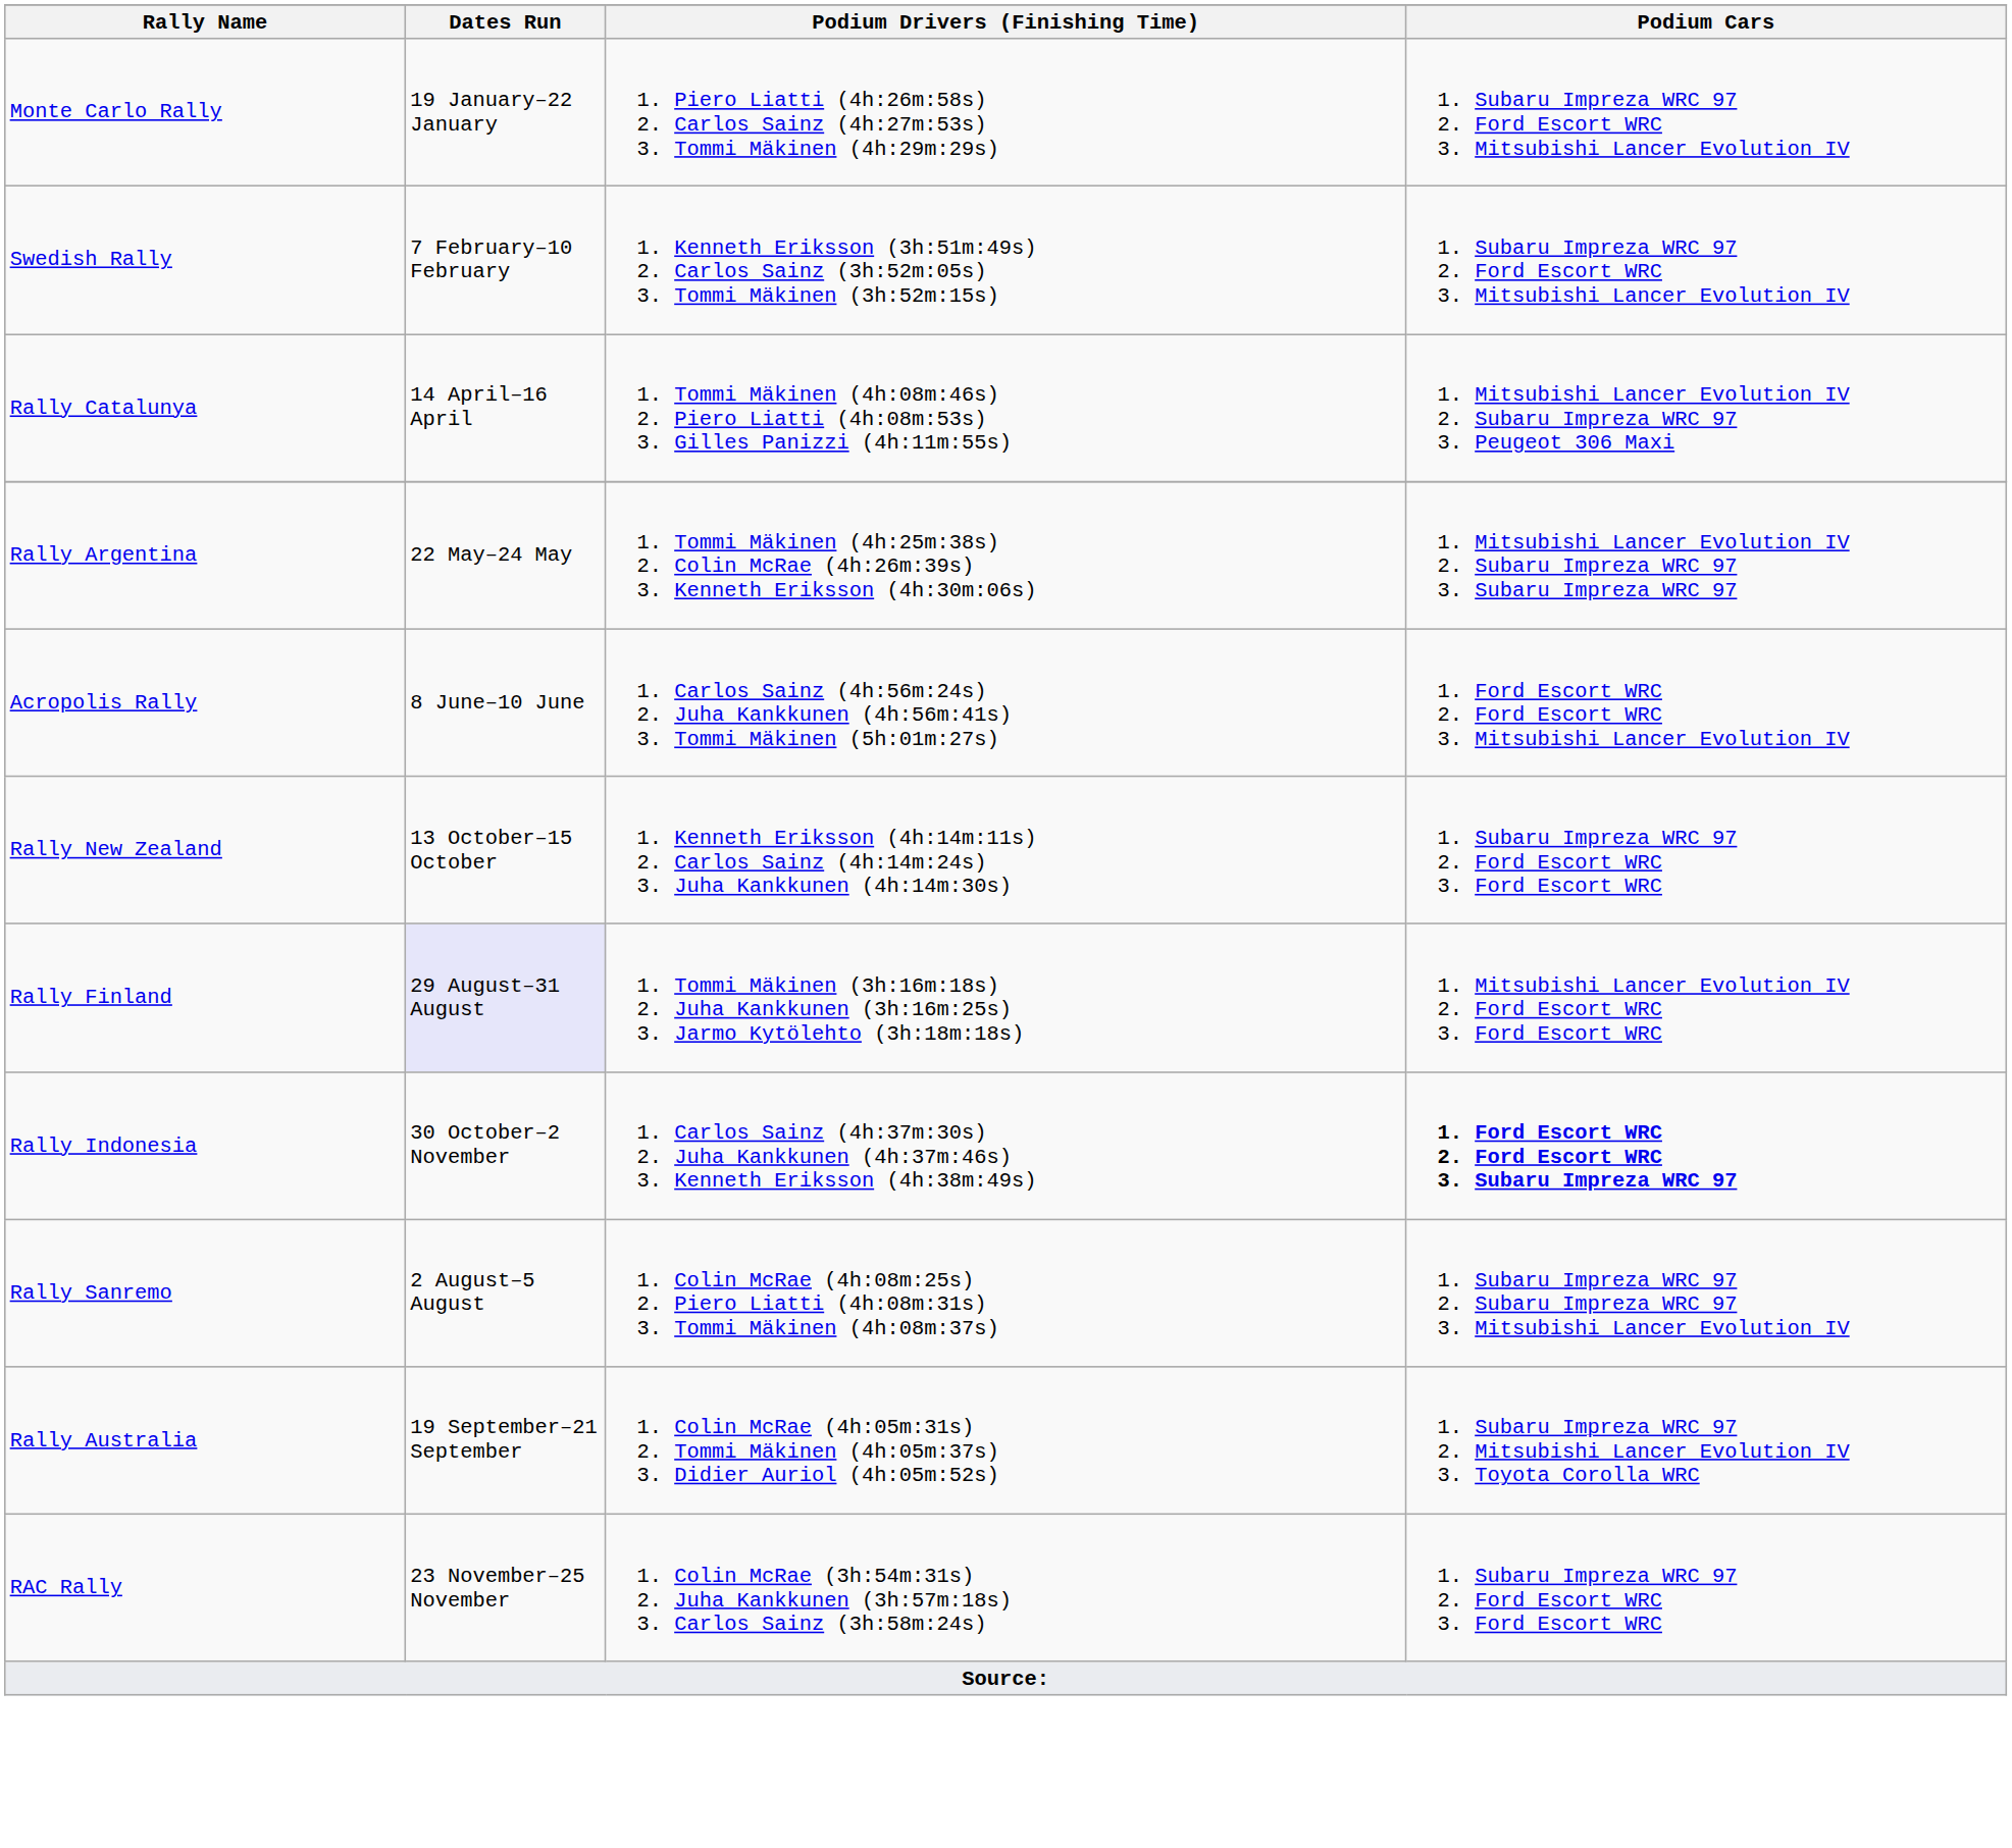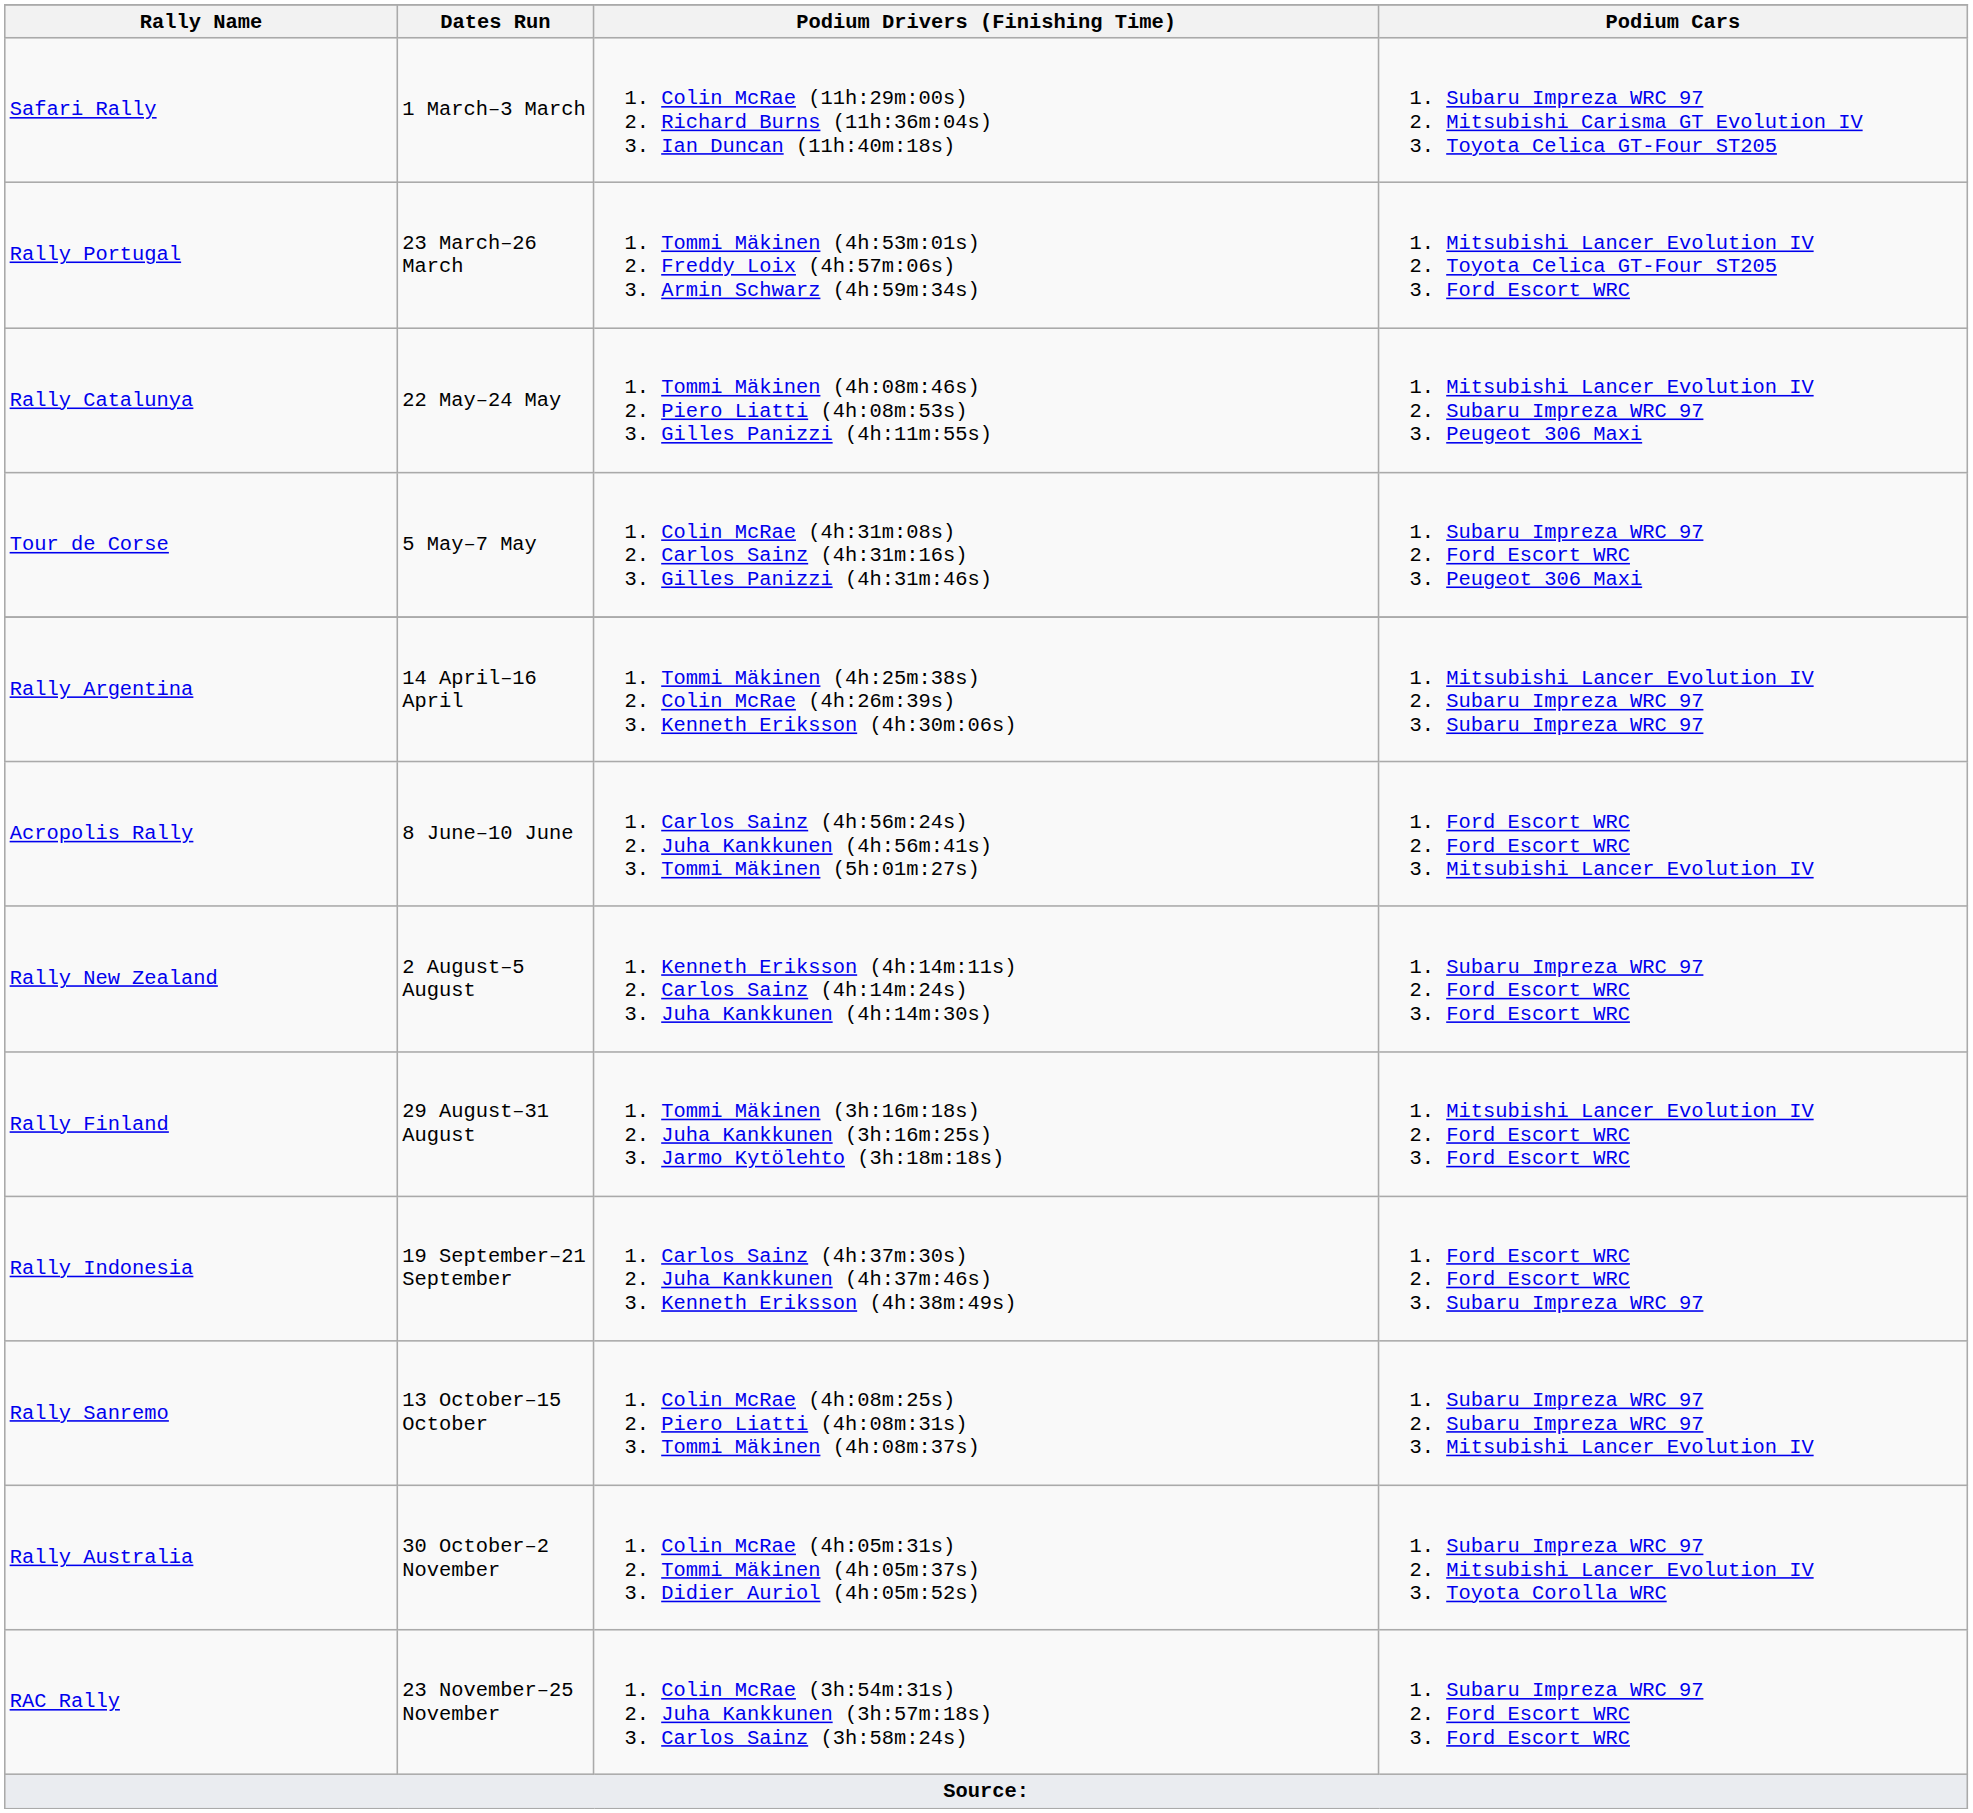 <table class="wikitable" align=center>
 <tr>
 </tr>
 <tr style="background:#efefef;">
 <th colspan=1 width=20%>Rally Name</th>
 <th colspan=1 width=10%>Dates Run</th>
 <th colspan=1 width=40%>Podium Drivers (Finishing Time)</th>
 <th colspan=1 width=30%>Podium Cars</th>
 </tr>
 <tr>
-<td> <a href='#'>Monte Carlo Rally</a></td>
-<td>19 January–22 January</td>
-<td><br><ol><li> <a href='#'>Piero Liatti</a> (4h:26m:58s)</li><li> <a href='#'>Carlos Sainz</a> (4h:27m:53s)</li><li> <a href='#'>Tommi Mäkinen</a> (4h:29m:29s)</li></ol></td>
-<td><br><ol><li><a href='#'>Subaru Impreza WRC 97</a></li><li><a href='#'>Ford Escort WRC</a></li><li><a href='#'>Mitsubishi Lancer Evolution IV</a></li></ol></td>
+<td> <a href='#'>Safari Rally</a></td>
+<td>1 March–3 March</td>
+<td><br><ol><li> <a href='#'>Colin McRae</a> (11h:29m:00s)</li><li> <a href='#'>Richard Burns</a> (11h:36m:04s)</li><li> <a href='#'>Ian Duncan</a> (11h:40m:18s)</li></ol></td>
+<td><br><ol><li><a href='#'>Subaru Impreza WRC 97</a></li><li><a href='#'>Mitsubishi Carisma GT Evolution IV</a></li><li><a href='#'>Toyota Celica GT-Four ST205</a></li></ol></td>
 </tr>
 <tr>
-<td> <a href='#'>Swedish Rally</a></td>
-<td>7 February–10 February</td>
-<td><br><ol><li> <a href='#'>Kenneth Eriksson</a> (3h:51m:49s)</li><li> <a href='#'>Carlos Sainz</a> (3h:52m:05s)</li><li> <a href='#'>Tommi Mäkinen</a> (3h:52m:15s)</li></ol></td>
-<td><br><ol><li><a href='#'>Subaru Impreza WRC 97</a></li><li><a href='#'>Ford Escort WRC</a></li><li><a href='#'>Mitsubishi Lancer Evolution IV</a></li></ol></td>
+<td> <a href='#'>Rally Portugal</a></td>
+<td>23 March–26 March</td>
+<td><br><ol><li> <a href='#'>Tommi Mäkinen</a> (4h:53m:01s)</li><li> <a href='#'>Freddy Loix</a> (4h:57m:06s)</li><li> <a href='#'>Armin Schwarz</a> (4h:59m:34s)</li></ol></td>
+<td><br><ol><li><a href='#'>Mitsubishi Lancer Evolution IV</a></li><li><a href='#'>Toyota Celica GT-Four ST205</a></li><li><a href='#'>Ford Escort WRC</a></li></ol></td>
 </tr>
 <tr>
 <td> <a href='#'>Rally Catalunya</a></td>
-<td>14 April–16 April</td>
+<td>22 May–24 May</td>
 <td><br><ol><li> <a href='#'>Tommi Mäkinen</a> (4h:08m:46s)</li><li> <a href='#'>Piero Liatti</a> (4h:08m:53s)</li><li> <a href='#'>Gilles Panizzi</a> (4h:11m:55s)</li></ol></td>
 <td><br><ol><li><a href='#'>Mitsubishi Lancer Evolution IV</a></li><li><a href='#'>Subaru Impreza WRC 97</a></li><li><a href='#'>Peugeot 306 Maxi</a></li></ol></td>
+</tr>
+<tr>
+<td> <a href='#'>Tour de Corse</a></td>
+<td>5 May–7 May</td>
+<td><br><ol><li> <a href='#'>Colin McRae</a> (4h:31m:08s)</li><li> <a href='#'>Carlos Sainz</a> (4h:31m:16s)</li><li> <a href='#'>Gilles Panizzi</a> (4h:31m:46s)</li></ol></td>
+<td><br><ol><li><a href='#'>Subaru Impreza WRC 97</a></li><li><a href='#'>Ford Escort WRC</a></li><li><a href='#'>Peugeot 306 Maxi</a></li></ol></td>
 </tr>
 <tr>
 </tr>
 <tr>
 <td> <a href='#'>Rally Argentina</a></td>
-<td>22 May–24 May</td>
+<td>14 April–16 April</td>
 <td><br><ol><li> <a href='#'>Tommi Mäkinen</a> (4h:25m:38s)</li><li> <a href='#'>Colin McRae</a> (4h:26m:39s)</li><li> <a href='#'>Kenneth Eriksson</a> (4h:30m:06s)</li></ol></td>
 <td><br><ol><li><a href='#'>Mitsubishi Lancer Evolution IV</a></li><li><a href='#'>Subaru Impreza WRC 97</a></li><li><a href='#'>Subaru Impreza WRC 97</a></li></ol></td>
 </tr>
 <tr>
 <td> <a href='#'>Acropolis Rally</a></td>
 <td>8 June–10 June</td>
 <td><br><ol><li> <a href='#'>Carlos Sainz</a> (4h:56m:24s)</li><li> <a href='#'>Juha Kankkunen</a> (4h:56m:41s)</li><li> <a href='#'>Tommi Mäkinen</a> (5h:01m:27s)</li></ol></td>
 <td><br><ol><li><a href='#'>Ford Escort WRC</a></li><li><a href='#'>Ford Escort WRC</a></li><li><a href='#'>Mitsubishi Lancer Evolution IV</a></li></ol></td>
 </tr>
 <tr>
 <td> <a href='#'>Rally New Zealand</a></td>
-<td>13 October–15 October</td>
+<td>2 August–5 August</td>
 <td><br><ol><li> <a href='#'>Kenneth Eriksson</a> (4h:14m:11s)</li><li> <a href='#'>Carlos Sainz</a> (4h:14m:24s)</li><li> <a href='#'>Juha Kankkunen</a> (4h:14m:30s)</li></ol></td>
 <td><br><ol><li><a href='#'>Subaru Impreza WRC 97</a></li><li><a href='#'>Ford Escort WRC</a></li><li><a href='#'>Ford Escort WRC</a></li></ol></td>
 </tr>
 <tr>
 <td> <a href='#'>Rally Finland</a></td>
-<td style="background: lavender;">29 August–31 August</td>
+<td>29 August–31 August</td>
 <td><br><ol><li> <a href='#'>Tommi Mäkinen</a> (3h:16m:18s)</li><li> <a href='#'>Juha Kankkunen</a> (3h:16m:25s)</li><li> <a href='#'>Jarmo Kytölehto</a> (3h:18m:18s)</li></ol></td>
 <td><br><ol><li><a href='#'>Mitsubishi Lancer Evolution IV</a></li><li><a href='#'>Ford Escort WRC</a></li><li><a href='#'>Ford Escort WRC</a></li></ol></td>
 </tr>
 <tr>
 <td> <a href='#'>Rally Indonesia</a></td>
-<td>30 October–2 November</td>
+<td>19 September–21 September</td>
 <td><br><ol><li> <a href='#'>Carlos Sainz</a> (4h:37m:30s)</li><li> <a href='#'>Juha Kankkunen</a> (4h:37m:46s)</li><li> <a href='#'>Kenneth Eriksson</a> (4h:38m:49s)</li></ol></td>
-<td><strong><br><ol><li><a href='#'>Ford Escort WRC</a></li><li><a href='#'>Ford Escort WRC</a></li><li><a href='#'>Subaru Impreza WRC 97</a></li></ol></strong></td>
+<td><br><ol><li><a href='#'>Ford Escort WRC</a></li><li><a href='#'>Ford Escort WRC</a></li><li><a href='#'>Subaru Impreza WRC 97</a></li></ol></td>
 </tr>
 <tr>
 <td> <a href='#'>Rally Sanremo</a></td>
-<td>2 August–5 August</td>
+<td>13 October–15 October</td>
 <td><br><ol><li> <a href='#'>Colin McRae</a> (4h:08m:25s)</li><li> <a href='#'>Piero Liatti</a> (4h:08m:31s)</li><li> <a href='#'>Tommi Mäkinen</a> (4h:08m:37s)</li></ol></td>
 <td><br><ol><li><a href='#'>Subaru Impreza WRC 97</a></li><li><a href='#'>Subaru Impreza WRC 97</a></li><li><a href='#'>Mitsubishi Lancer Evolution IV</a></li></ol></td>
 </tr>
 <tr>
 <td> <a href='#'>Rally Australia</a></td>
-<td>19 September–21 September</td>
+<td>30 October–2 November</td>
 <td><br><ol><li> <a href='#'>Colin McRae</a> (4h:05m:31s)</li><li> <a href='#'>Tommi Mäkinen</a> (4h:05m:37s)</li><li> <a href='#'>Didier Auriol</a> (4h:05m:52s)</li></ol></td>
 <td><br><ol><li><a href='#'>Subaru Impreza WRC 97</a></li><li><a href='#'>Mitsubishi Lancer Evolution IV</a></li><li><a href='#'>Toyota Corolla WRC</a></li></ol></td>
 </tr>
 <tr>
 <td> <a href='#'>RAC Rally</a></td>
 <td>23 November–25 November</td>
 <td><br><ol><li> <a href='#'>Colin McRae</a> (3h:54m:31s)</li><li> <a href='#'>Juha Kankkunen</a> (3h:57m:18s)</li><li> <a href='#'>Carlos Sainz</a> (3h:58m:24s)</li></ol></td>
 <td><br><ol><li><a href='#'>Subaru Impreza WRC 97</a></li><li><a href='#'>Ford Escort WRC</a></li><li><a href='#'>Ford Escort WRC</a></li></ol></td>
 </tr>
 <tr>
 <td colspan="4" style="background-color:#EAECF0;text-align:center"><strong>Source:</strong></td>
 </tr>
 </table>
